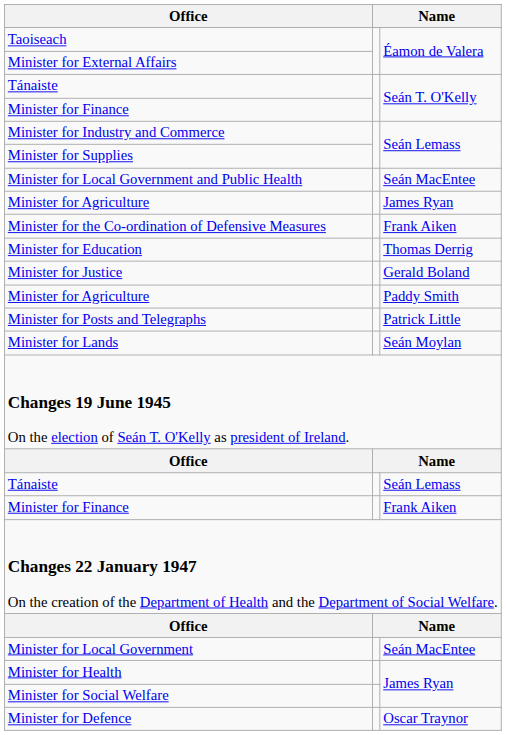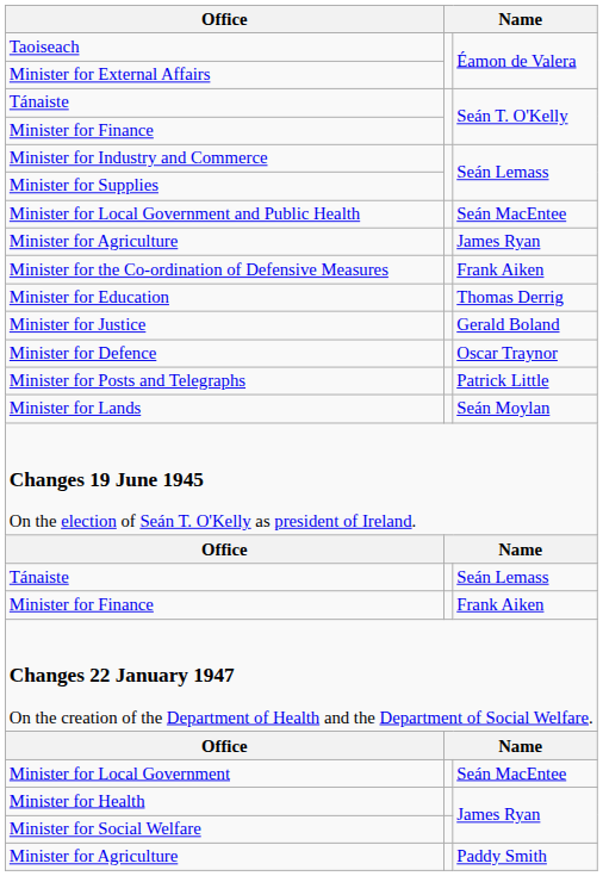 <table class="wikitable">
 <tr>
 <th>Office</th>
 <th colspan="2">Name</th>
 </tr>
 <tr>
 <td><a href='#'>Taoiseach</a></td>
 <td rowspan=2 style="background-color: "></td>
 <td rowspan=2><a href='#'>Éamon de Valera</a></td>
 </tr>
 <tr>
 <td><a href='#'>Minister for External Affairs</a></td>
 </tr>
 <tr>
 <td><a href='#'>Tánaiste</a></td>
 <td rowspan=2 style="background-color: "></td>
 <td rowspan=2><a href='#'>Seán T. O'Kelly</a></td>
 </tr>
 <tr>
 <td><a href='#'>Minister for Finance</a></td>
 </tr>
 <tr>
 <td><a href='#'>Minister for Industry and Commerce</a></td>
 <td rowspan=2 style="background-color: "></td>
 <td rowspan=2><a href='#'>Seán Lemass</a></td>
 </tr>
 <tr>
 <td><a href='#'>Minister for Supplies</a></td>
 </tr>
 <tr>
 <td><a href='#'>Minister for Local Government and Public Health</a></td>
 <td style="background-color: "></td>
 <td><a href='#'>Seán MacEntee</a></td>
 </tr>
 <tr>
 <td><a href='#'>Minister for Agriculture</a></td>
 <td style="background-color: "></td>
 <td><a href='#'>James Ryan</a></td>
 </tr>
 <tr>
 <td><a href='#'>Minister for the Co-ordination of Defensive Measures</a></td>
 <td style="background-color: "></td>
 <td><a href='#'>Frank Aiken</a></td>
 </tr>
 <tr>
 <td><a href='#'>Minister for Education</a></td>
 <td style="background-color: "></td>
 <td><a href='#'>Thomas Derrig</a></td>
 </tr>
 <tr>
 <td><a href='#'>Minister for Justice</a></td>
 <td style="background-color: "></td>
 <td><a href='#'>Gerald Boland</a></td>
 </tr>
 <tr>
-<td><a href='#'>Minister for Agriculture</a></td>
+<td><a href='#'>Minister for Defence</a></td>
 <td style="background-color: "></td>
-<td><a href='#'>Paddy Smith</a></td>
+<td><a href='#'>Oscar Traynor</a></td>
 </tr>
 <tr>
 <td><a href='#'>Minister for Posts and Telegraphs</a></td>
 <td style="background-color: "></td>
 <td><a href='#'>Patrick Little</a></td>
 </tr>
 <tr>
 <td><a href='#'>Minister for Lands</a></td>
 <td style="background-color: "></td>
 <td><a href='#'>Seán Moylan</a></td>
 </tr>
 <tr>
 <td colspan="3"><br><h3>Changes 19 June 1945</h3>On the <a href='#'>election</a> of <a href='#'>Seán T. O'Kelly</a> as <a href='#'>president of Ireland</a>.</td>
 </tr>
 <tr>
 <th>Office</th>
 <th colspan="2">Name</th>
 </tr>
 <tr>
 <td><a href='#'>Tánaiste</a></td>
 <td style="background-color: "></td>
 <td><a href='#'>Seán Lemass</a></td>
 </tr>
 <tr>
 <td><a href='#'>Minister for Finance</a></td>
 <td style="background-color: "></td>
 <td><a href='#'>Frank Aiken</a></td>
 </tr>
 <tr>
 <td colspan="3"><br><h3>Changes 22 January 1947</h3>On the creation of the <a href='#'>Department of Health</a> and the <a href='#'>Department of Social Welfare</a>.</td>
 </tr>
 <tr>
 <th>Office</th>
 <th colspan="2">Name</th>
 </tr>
 <tr>
 <td><a href='#'>Minister for Local Government</a></td>
 <td style="background-color: "></td>
 <td><a href='#'>Seán MacEntee</a></td>
 </tr>
 <tr>
 <td><a href='#'>Minister for Health</a></td>
 <td style="background-color: "></td>
 <td rowspan="2"><a href='#'>James Ryan</a></td>
 </tr>
 <tr>
 <td><a href='#'>Minister for Social Welfare</a></td>
 <td style="background-color: "></td>
 </tr>
 <tr>
-<td><a href='#'>Minister for Defence</a></td>
+<td><a href='#'>Minister for Agriculture</a></td>
 <td style="background-color: "></td>
-<td><a href='#'>Oscar Traynor</a></td>
+<td><a href='#'>Paddy Smith</a></td>
 </tr>
 </table>
